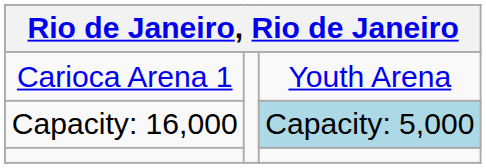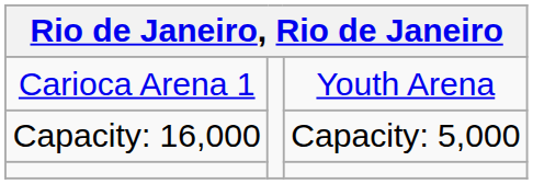 <table class=wikitable style="text-align:center;">
 <tr>
 <th colspan=3><a href='#'>Rio de Janeiro</a>, <a href='#'>Rio de Janeiro</a></th>
 </tr>
 <tr>
 <td><a href='#'>Carioca Arena 1</a></td>
 <td rowspan=3></td>
 <td><a href='#'>Youth Arena</a></td>
 </tr>
 <tr>
 <td>Capacity: 16,000</td>
-<td style="background: lightblue;">Capacity: 5,000</td>
+<td>Capacity: 5,000</td>
 </tr>
 <tr>
 <td></td>
 <td></td>
 </tr>
 </table>
